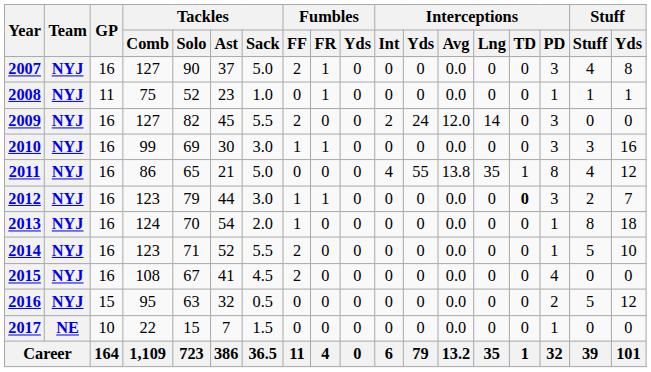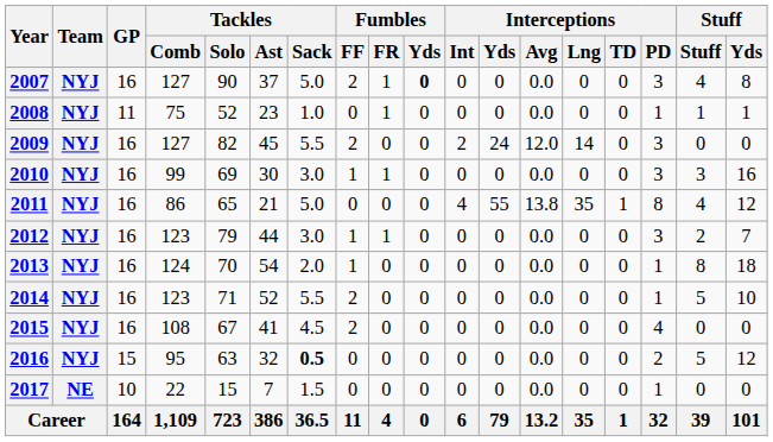 <table class="wikitable" style="text-align:center">
 <tr>
 <th rowspan="2">Year</th>
 <th rowspan="2">Team</th>
 <th rowspan="2">GP</th>
 <th colspan="4">Tackles</th>
 <th colspan="3">Fumbles</th>
 <th colspan="6">Interceptions</th>
 <th colspan="2">Stuff</th>
 </tr>
 <tr>
 <th>Comb</th>
 <th>Solo</th>
 <th>Ast</th>
 <th>Sack</th>
 <th>FF</th>
 <th>FR</th>
 <th>Yds</th>
 <th>Int</th>
 <th>Yds</th>
 <th>Avg</th>
 <th>Lng</th>
 <th>TD</th>
 <th>PD</th>
 <th>Stuff</th>
 <th>Yds</th>
 </tr>
 <tr>
 <th><a href='#'>2007</a></th>
 <th><a href='#'>NYJ</a></th>
 <td>16</td>
 <td>127</td>
 <td>90</td>
 <td>37</td>
 <td>5.0</td>
 <td>2</td>
 <td>1</td>
-<td>0</td>
+<td><strong>0</strong></td>
 <td>0</td>
 <td>0</td>
 <td>0.0</td>
 <td>0</td>
 <td>0</td>
 <td>3</td>
 <td>4</td>
 <td>8</td>
 </tr>
 <tr>
 <th><a href='#'>2008</a></th>
 <th><a href='#'>NYJ</a></th>
 <td>11</td>
 <td>75</td>
 <td>52</td>
 <td>23</td>
 <td>1.0</td>
 <td>0</td>
 <td>1</td>
 <td>0</td>
 <td>0</td>
 <td>0</td>
 <td>0.0</td>
 <td>0</td>
 <td>0</td>
 <td>1</td>
 <td>1</td>
 <td>1</td>
 </tr>
 <tr>
 <th><a href='#'>2009</a></th>
 <th><a href='#'>NYJ</a></th>
 <td>16</td>
 <td>127</td>
 <td>82</td>
 <td>45</td>
 <td>5.5</td>
 <td>2</td>
 <td>0</td>
 <td>0</td>
 <td>2</td>
 <td>24</td>
 <td>12.0</td>
 <td>14</td>
 <td>0</td>
 <td>3</td>
 <td>0</td>
 <td>0</td>
 </tr>
 <tr>
 <th><a href='#'>2010</a></th>
 <th><a href='#'>NYJ</a></th>
 <td>16</td>
 <td>99</td>
 <td>69</td>
 <td>30</td>
 <td>3.0</td>
 <td>1</td>
 <td>1</td>
 <td>0</td>
 <td>0</td>
 <td>0</td>
 <td>0.0</td>
 <td>0</td>
 <td>0</td>
 <td>3</td>
 <td>3</td>
 <td>16</td>
 </tr>
 <tr>
 <th><a href='#'>2011</a></th>
 <th><a href='#'>NYJ</a></th>
 <td>16</td>
 <td>86</td>
 <td>65</td>
 <td>21</td>
 <td>5.0</td>
 <td>0</td>
 <td>0</td>
 <td>0</td>
 <td>4</td>
 <td>55</td>
 <td>13.8</td>
 <td>35</td>
 <td>1</td>
 <td>8</td>
 <td>4</td>
 <td>12</td>
 </tr>
 <tr>
 <th><a href='#'>2012</a></th>
 <th><a href='#'>NYJ</a></th>
 <td>16</td>
 <td>123</td>
 <td>79</td>
 <td>44</td>
 <td>3.0</td>
 <td>1</td>
 <td>1</td>
 <td>0</td>
 <td>0</td>
 <td>0</td>
 <td>0.0</td>
 <td>0</td>
-<td><strong>0</strong></td>
+<td>0</td>
 <td>3</td>
 <td>2</td>
 <td>7</td>
 </tr>
 <tr>
 <th><a href='#'>2013</a></th>
 <th><a href='#'>NYJ</a></th>
 <td>16</td>
 <td>124</td>
 <td>70</td>
 <td>54</td>
 <td>2.0</td>
 <td>1</td>
 <td>0</td>
 <td>0</td>
 <td>0</td>
 <td>0</td>
 <td>0.0</td>
 <td>0</td>
 <td>0</td>
 <td>1</td>
 <td>8</td>
 <td>18</td>
 </tr>
 <tr>
 <th><a href='#'>2014</a></th>
 <th><a href='#'>NYJ</a></th>
 <td>16</td>
 <td>123</td>
 <td>71</td>
 <td>52</td>
 <td>5.5</td>
 <td>2</td>
 <td>0</td>
 <td>0</td>
 <td>0</td>
 <td>0</td>
 <td>0.0</td>
 <td>0</td>
 <td>0</td>
 <td>1</td>
 <td>5</td>
 <td>10</td>
 </tr>
 <tr>
 <th><a href='#'>2015</a></th>
 <th><a href='#'>NYJ</a></th>
 <td>16</td>
 <td>108</td>
 <td>67</td>
 <td>41</td>
 <td>4.5</td>
 <td>2</td>
 <td>0</td>
 <td>0</td>
 <td>0</td>
 <td>0</td>
 <td>0.0</td>
 <td>0</td>
 <td>0</td>
 <td>4</td>
 <td>0</td>
 <td>0</td>
 </tr>
 <tr>
 <th><a href='#'>2016</a></th>
 <th><a href='#'>NYJ</a></th>
 <td>15</td>
 <td>95</td>
 <td>63</td>
 <td>32</td>
-<td>0.5</td>
+<td><strong>0.5</strong></td>
 <td>0</td>
 <td>0</td>
 <td>0</td>
 <td>0</td>
 <td>0</td>
 <td>0.0</td>
 <td>0</td>
 <td>0</td>
 <td>2</td>
 <td>5</td>
 <td>12</td>
 </tr>
 <tr>
 <th><a href='#'>2017</a></th>
 <th><a href='#'>NE</a></th>
 <td>10</td>
 <td>22</td>
 <td>15</td>
 <td>7</td>
 <td>1.5</td>
 <td>0</td>
 <td>0</td>
 <td>0</td>
 <td>0</td>
 <td>0</td>
 <td>0.0</td>
 <td>0</td>
 <td>0</td>
 <td>1</td>
 <td>0</td>
 <td>0</td>
 </tr>
 <tr>
 <th colspan="2">Career</th>
 <th>164</th>
 <th>1,109</th>
 <th>723</th>
 <th>386</th>
 <th>36.5</th>
 <th>11</th>
 <th>4</th>
 <th>0</th>
 <th>6</th>
 <th>79</th>
 <th>13.2</th>
 <th>35</th>
 <th>1</th>
 <th>32</th>
 <th>39</th>
 <th>101</th>
 </tr>
 </table>
